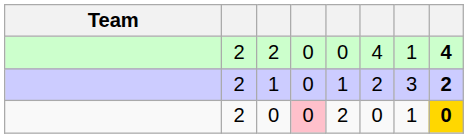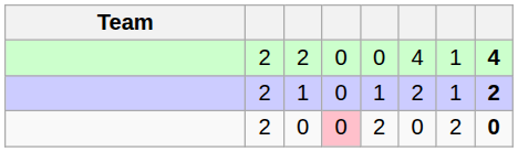 <table class="wikitable" style="text-align:center;">
 <tr>
 <th width=165>Team</th>
 <th width=20></th>
 <th width=20></th>
 <th width=20></th>
 <th width=20></th>
 <th width=20></th>
 <th width=20></th>
 <th width=20></th>
 </tr>
 <tr style="background:#cfc;">
 <td align="left"></td>
 <td>2</td>
 <td>2</td>
 <td>0</td>
 <td>0</td>
 <td>4</td>
 <td>1</td>
 <td><strong>4</strong></td>
 </tr>
 <tr style="background:#ccccff;">
 <td align="left"></td>
 <td>2</td>
 <td>1</td>
 <td>0</td>
 <td>1</td>
 <td>2</td>
-<td>3</td>
+<td>1</td>
 <td><strong>2</strong></td>
 </tr>
 <tr>
 <td align="left"></td>
 <td>2</td>
 <td>0</td>
 <td style="background: pink;">0</td>
 <td>2</td>
 <td>0</td>
-<td>1</td>
-<td style="background: gold;"><strong>0</strong></td>
+<td>2</td>
+<td><strong>0</strong></td>
 </tr>
 </table>
